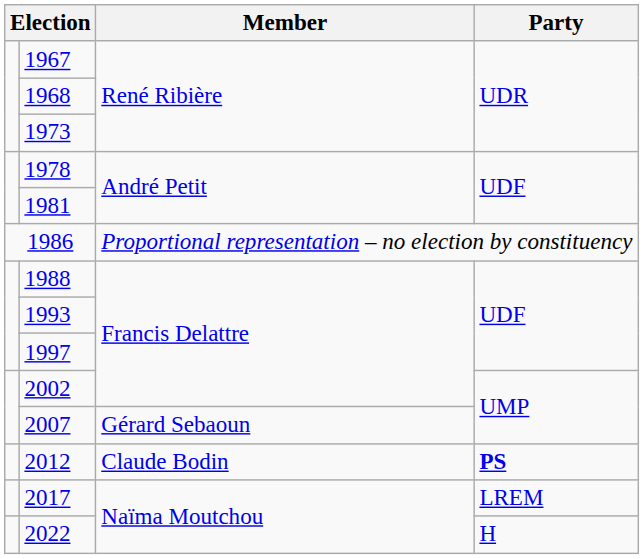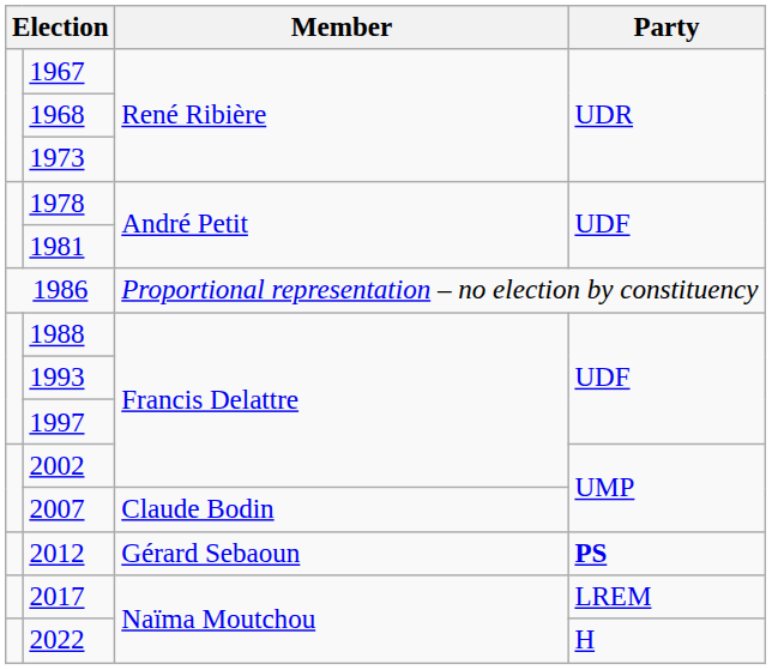 <table class="wikitable">
 <tr>
 <th colspan="2">Election</th>
 <th>Member</th>
 <th>Party</th>
 </tr>
 <tr>
 <td rowspan="3" style="color:inherit;background-color: "></td>
 <td><a href='#'>1967</a></td>
 <td rowspan="3"><a href='#'>René Ribière</a></td>
 <td rowspan="3"><a href='#'>UDR</a></td>
 </tr>
 <tr>
 <td><a href='#'>1968</a></td>
 </tr>
 <tr>
 <td><a href='#'>1973</a></td>
 </tr>
 <tr>
 <td rowspan="2" style="color:inherit;background-color: "></td>
 <td><a href='#'>1978</a></td>
 <td rowspan="2"><a href='#'>André Petit</a></td>
 <td rowspan="2"><a href='#'>UDF</a></td>
 </tr>
 <tr>
 <td><a href='#'>1981</a></td>
 </tr>
 <tr>
 <td colspan="2" align="center"><a href='#'>1986</a></td>
 <td colspan="2"><em><a href='#'>Proportional representation</a> – no election by constituency</em></td>
 </tr>
 <tr>
 <td rowspan="3" style="color:inherit;background-color: "></td>
 <td><a href='#'>1988</a></td>
 <td rowspan="4"><a href='#'>Francis Delattre</a></td>
 <td rowspan="3"><a href='#'>UDF</a></td>
 </tr>
 <tr>
 <td><a href='#'>1993</a></td>
 </tr>
 <tr>
 <td><a href='#'>1997</a></td>
 </tr>
 <tr>
 <td rowspan="2" style="color:inherit;background-color: "></td>
 <td><a href='#'>2002</a></td>
 <td rowspan="2"><a href='#'>UMP</a></td>
 </tr>
 <tr>
 <td><a href='#'>2007</a></td>
-<td><a href='#'>Gérard Sebaoun</a></td>
+<td><a href='#'>Claude Bodin</a></td>
 </tr>
 <tr>
 <td style="color:inherit;background-color: "></td>
 <td><a href='#'>2012</a></td>
-<td><a href='#'>Claude Bodin</a></td>
+<td><a href='#'>Gérard Sebaoun</a></td>
 <td><strong><a href='#'>PS</a></strong></td>
 </tr>
 <tr>
 <td style="color:inherit;background-color: "></td>
 <td><a href='#'>2017</a></td>
 <td rowspan="2"><a href='#'>Naïma Moutchou</a></td>
 <td><a href='#'>LREM</a></td>
 </tr>
 <tr>
 <td style="color:inherit;background-color: "></td>
 <td><a href='#'>2022</a></td>
 <td><a href='#'>H</a></td>
 </tr>
 </table>
